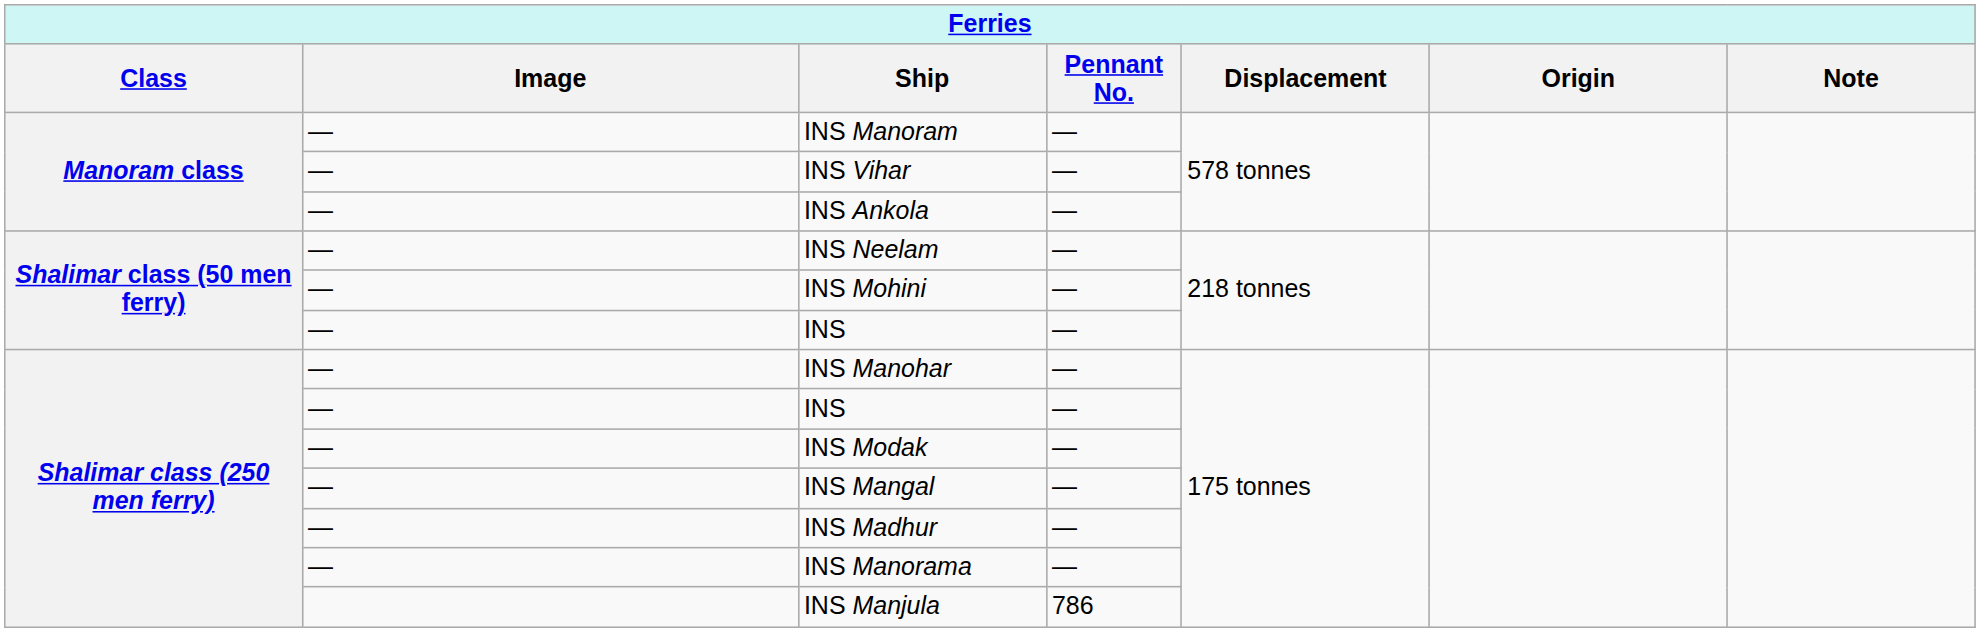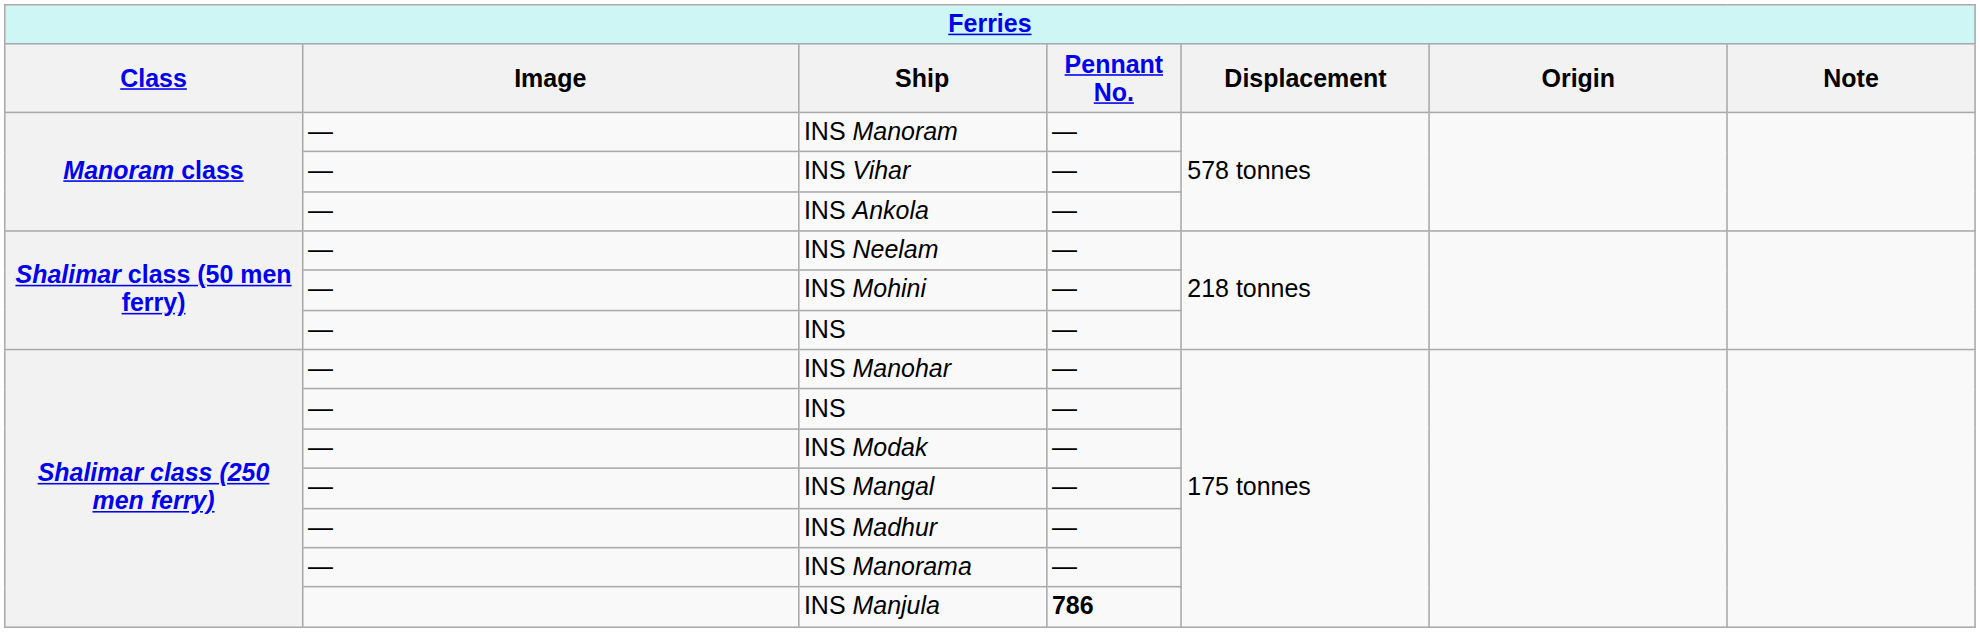 <table class="wikitable" style="margin:auto; width:100%;">
 <tr>
 <th colspan="7" style="align: center; background: #CEF6F5;"><a href='#'>Ferries</a></th>
 </tr>
 <tr>
 <th style="text-align:center; width:12%;"><a href='#'>Class</a></th>
 <th style="text-align:center; width:20%;">Image</th>
 <th style="text-align:center; width:10%;">Ship</th>
 <th style="text-align:center; width:5%;"><a href='#'>Pennant No.</a></th>
 <th style="text-align:center; width:10%;">Displacement</th>
 <th style="text-align:center; width:12%;">Origin</th>
 <th style="text-align:center; width:10%;">Note</th>
 </tr>
 <tr>
 <th rowspan="3"><a href='#'><em>Manoram</em> class</a></th>
 <td>—</td>
 <td>INS <em>Manoram</em></td>
 <td>—</td>
 <td rowspan="3">578 tonnes</td>
 <td rowspan="3"></td>
 <td rowspan="3"></td>
 </tr>
 <tr>
 <td>—</td>
 <td>INS <em>Vihar</em></td>
 <td>—</td>
 </tr>
 <tr>
 <td>—</td>
 <td>INS <em>Ankola</em></td>
 <td>—</td>
 </tr>
 <tr>
 <th rowspan="3"><a href='#'><em>Shalimar</em> class (50 men ferry)</a></th>
 <td>—</td>
 <td>INS <em>Neelam</em></td>
 <td>—</td>
 <td rowspan="3">218 tonnes</td>
 <td rowspan="3"></td>
 <td rowspan="3"></td>
 </tr>
 <tr>
 <td>—</td>
 <td>INS <em>Mohini</em></td>
 <td>—</td>
 </tr>
 <tr>
 <td>—</td>
 <td>INS <em> </em></td>
 <td>—</td>
 </tr>
 <tr>
 <th rowspan="7"><em><a href='#'>Shalimar class (250 men ferry)</a></em></th>
 <td>—</td>
 <td>INS <em>Manohar</em></td>
 <td>—</td>
 <td rowspan="7">175 tonnes</td>
 <td rowspan="7"></td>
 <td rowspan="7"></td>
 </tr>
 <tr>
 <td>—</td>
 <td>INS <em> </em></td>
 <td>—</td>
 </tr>
 <tr>
 <td>—</td>
 <td>INS <em>Modak</em></td>
 <td>—</td>
 </tr>
 <tr>
 <td>—</td>
 <td>INS <em>Mangal</em></td>
 <td>—</td>
 </tr>
 <tr>
 <td>—</td>
 <td>INS <em>Madhur</em></td>
 <td>—</td>
 </tr>
 <tr>
 <td>—</td>
 <td>INS <em>Manorama</em></td>
 <td>—</td>
 </tr>
 <tr>
 <td></td>
 <td>INS <em>Manjula</em> </td>
-<td>786</td>
+<td><strong>786</strong></td>
 </tr>
 </table>
